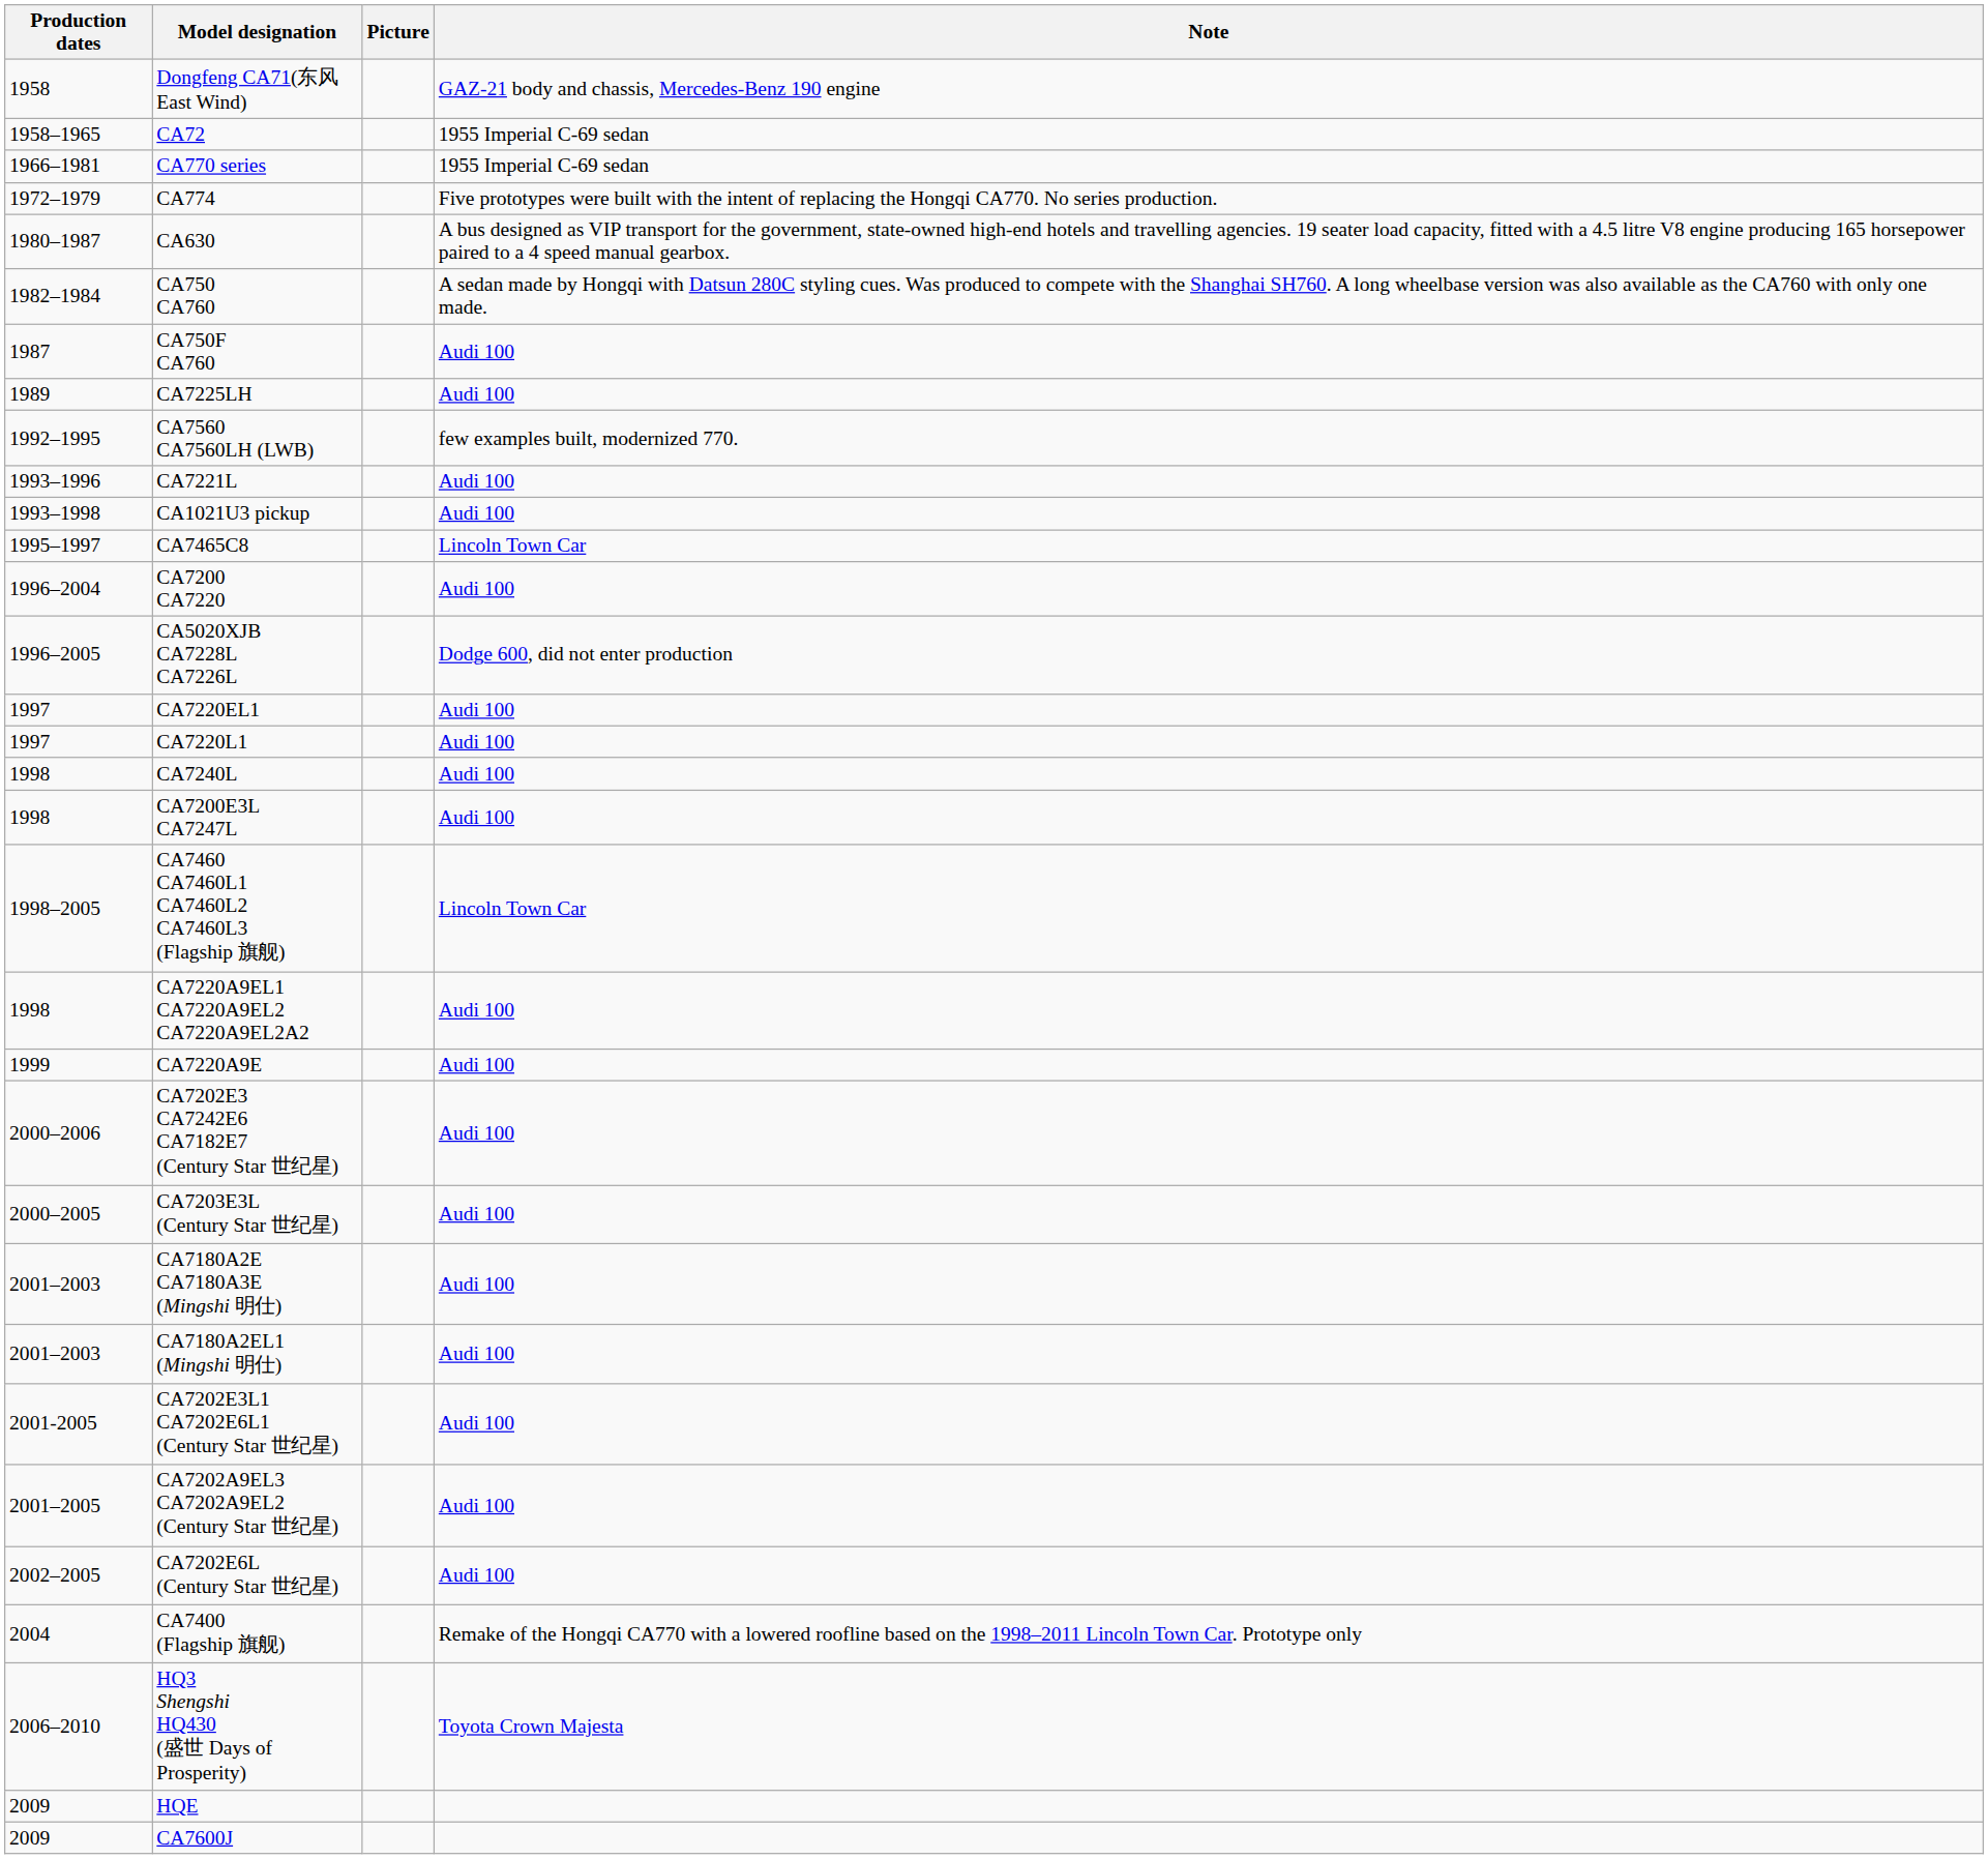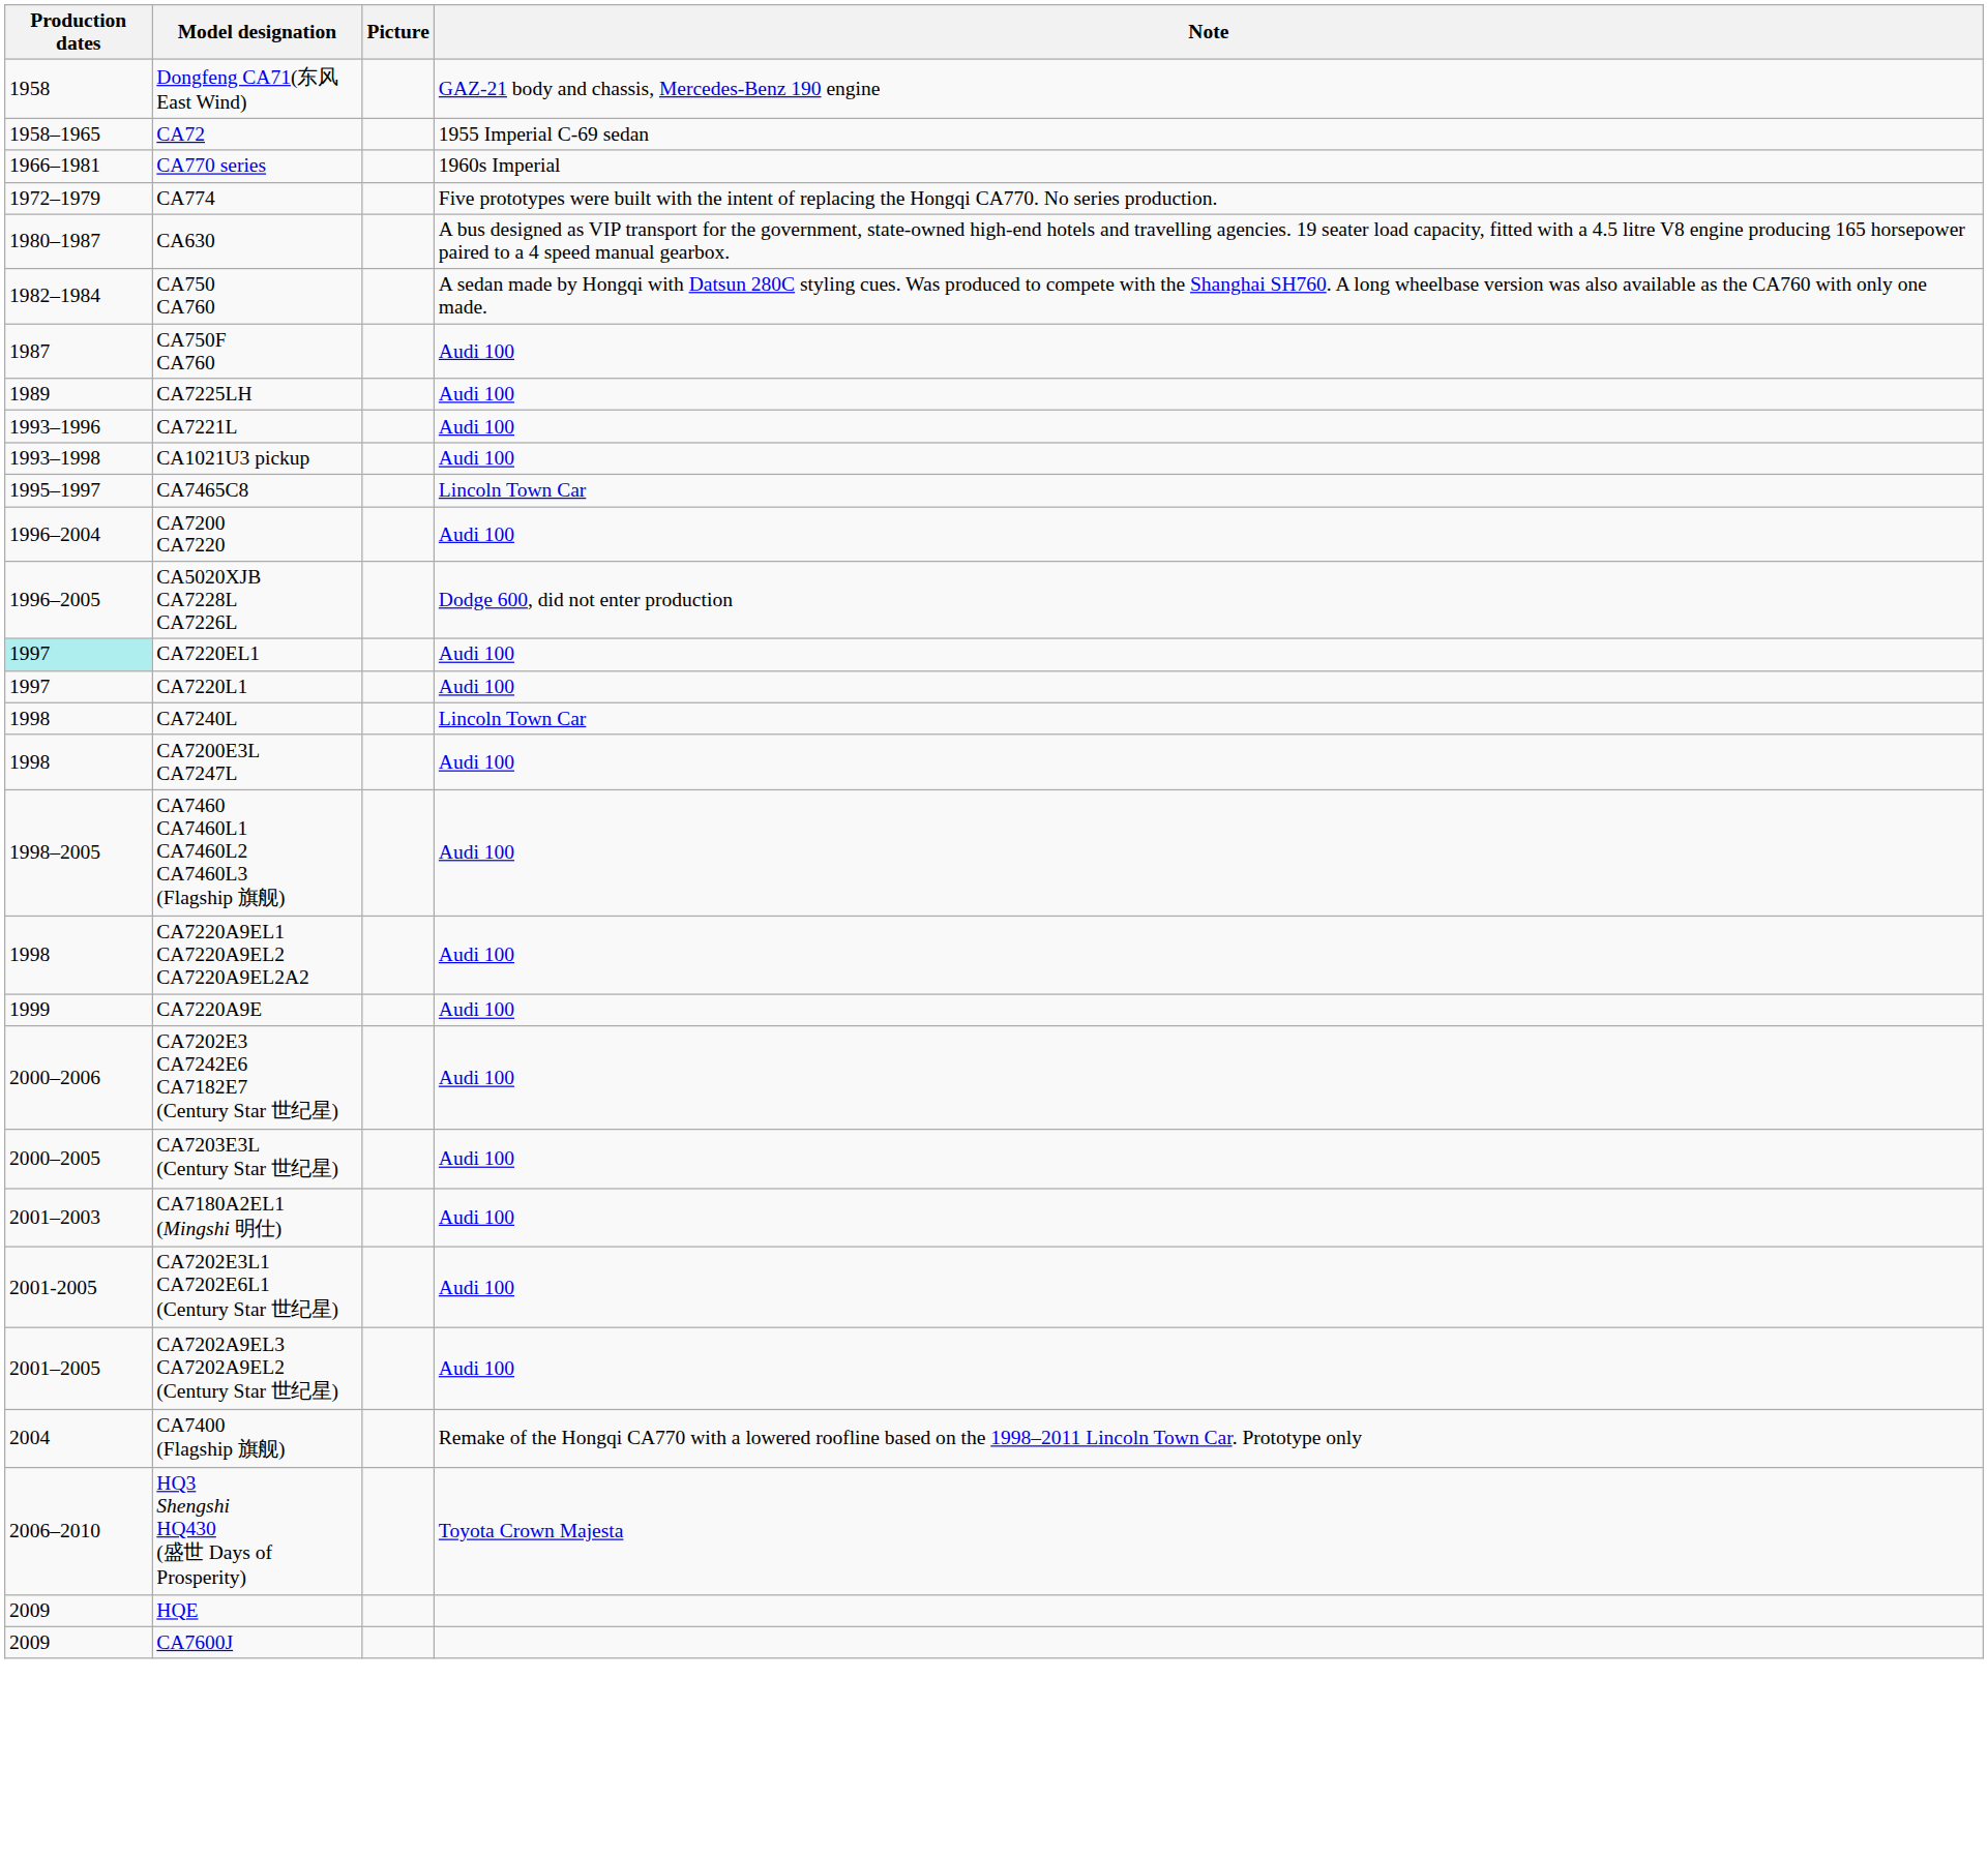 <table class="wikitable" border="1">
 <tr>
 <th>Production dates</th>
 <th>Model designation</th>
 <th>Picture</th>
 <th>Note</th>
 </tr>
 <tr>
 <td>1958</td>
 <td><a href='#'>Dongfeng CA71</a>(东风<br>East Wind)</td>
 <td></td>
 <td><a href='#'>GAZ-21</a> body and chassis, <a href='#'>Mercedes-Benz 190</a> engine</td>
 </tr>
 <tr>
 <td>1958–1965</td>
 <td><a href='#'>CA72</a></td>
 <td></td>
 <td>1955 Imperial C-69 sedan</td>
 </tr>
 <tr>
 <td>1966–1981</td>
 <td><a href='#'>CA770 series</a></td>
 <td></td>
-<td>1955 Imperial C-69 sedan</td>
+<td>1960s Imperial</td>
 </tr>
 <tr>
 <td>1972–1979</td>
 <td>CA774</td>
 <td></td>
 <td>Five prototypes were built with the intent of replacing the Hongqi CA770. No series production.</td>
 </tr>
 <tr>
 <td>1980–1987</td>
 <td>CA630</td>
 <td></td>
 <td>A bus designed as VIP transport for the government, state-owned high-end hotels and travelling agencies. 19 seater load capacity, fitted with a 4.5 litre V8 engine producing 165 horsepower paired to a 4 speed manual gearbox.</td>
 </tr>
 <tr>
 <td>1982–1984</td>
 <td>CA750<br>CA760</td>
 <td></td>
 <td>A sedan made by Hongqi with <a href='#'>Datsun 280C</a> styling cues. Was produced to compete with the <a href='#'>Shanghai SH760</a>. A long wheelbase version was also available as the CA760 with only one made.</td>
 </tr>
 <tr>
 <td>1987</td>
 <td>CA750F<br>CA760</td>
 <td></td>
 <td><a href='#'>Audi 100</a></td>
 </tr>
 <tr>
 <td>1989</td>
 <td>CA7225LH</td>
 <td></td>
 <td><a href='#'>Audi 100</a></td>
 </tr>
 <tr>
-<td>1992–1995</td>
-<td>CA7560<br>CA7560LH (LWB)</td>
-<td></td>
-<td>few examples built, modernized 770.</td>
-</tr>
-<tr>
 <td>1993–1996</td>
 <td>CA7221L</td>
 <td></td>
 <td><a href='#'>Audi 100</a></td>
 </tr>
 <tr>
 <td>1993–1998</td>
 <td>CA1021U3 pickup</td>
 <td></td>
 <td><a href='#'>Audi 100</a></td>
 </tr>
 <tr>
 <td>1995–1997</td>
 <td>CA7465C8</td>
 <td></td>
 <td><a href='#'>Lincoln Town Car</a></td>
 </tr>
 <tr>
 <td>1996–2004</td>
 <td>CA7200<br>CA7220</td>
 <td></td>
 <td><a href='#'>Audi 100</a></td>
 </tr>
 <tr>
 <td>1996–2005</td>
 <td>CA5020XJB<br>CA7228L<br>CA7226L</td>
 <td></td>
 <td><a href='#'>Dodge 600</a>, did not enter production</td>
 </tr>
 <tr>
-<td>1997</td>
+<td style="background: paleturquoise;">1997</td>
 <td>CA7220EL1</td>
 <td></td>
 <td><a href='#'>Audi 100</a></td>
 </tr>
 <tr>
 <td>1997</td>
 <td>CA7220L1</td>
 <td></td>
 <td><a href='#'>Audi 100</a></td>
 </tr>
 <tr>
 <td>1998</td>
 <td>CA7240L</td>
 <td></td>
-<td><a href='#'>Audi 100</a></td>
+<td><a href='#'>Lincoln Town Car</a></td>
 </tr>
 <tr>
 <td>1998</td>
 <td>CA7200E3L<br>CA7247L</td>
 <td></td>
 <td><a href='#'>Audi 100</a></td>
 </tr>
 <tr>
 <td>1998–2005</td>
 <td>CA7460<br>CA7460L1<br>CA7460L2<br>CA7460L3 <br>(Flagship 旗舰)</td>
 <td></td>
-<td><a href='#'>Lincoln Town Car</a></td>
+<td><a href='#'>Audi 100</a></td>
 </tr>
 <tr>
 <td>1998</td>
 <td>CA7220A9EL1<br>CA7220A9EL2<br>CA7220A9EL2A2</td>
 <td></td>
 <td><a href='#'>Audi 100</a></td>
 </tr>
 <tr>
 <td>1999</td>
 <td>CA7220A9E</td>
 <td></td>
 <td><a href='#'>Audi 100</a></td>
 </tr>
 <tr>
 <td>2000–2006</td>
 <td>CA7202E3<br>CA7242E6<br>CA7182E7 <br>(Century Star 世纪星)</td>
 <td></td>
 <td><a href='#'>Audi 100</a></td>
 </tr>
 <tr>
 <td>2000–2005</td>
 <td>CA7203E3L<br>(Century Star 世纪星)</td>
 <td></td>
 <td><a href='#'>Audi 100</a></td>
 </tr>
 <tr>
 <td>2001–2003</td>
-<td>CA7180A2E<br>CA7180A3E<br>(<em>Mingshi</em>  明仕)</td>
-<td><br></td>
-<td><a href='#'>Audi 100</a></td>
-</tr>
-<tr>
-<td>2001–2003</td>
 <td>CA7180A2EL1<br>(<em>Mingshi</em>  明仕)</td>
 <td></td>
 <td><a href='#'>Audi 100</a></td>
 </tr>
 <tr>
 <td>2001-2005</td>
 <td>CA7202E3L1<br>CA7202E6L1<br>(Century Star 世纪星)</td>
 <td></td>
 <td><a href='#'>Audi 100</a></td>
 </tr>
 <tr>
 <td>2001–2005</td>
 <td>CA7202A9EL3<br>CA7202A9EL2<br>(Century Star 世纪星)</td>
-<td></td>
-<td><a href='#'>Audi 100</a></td>
-</tr>
-<tr>
-<td>2002–2005</td>
-<td>CA7202E6L<br>(Century Star 世纪星)</td>
 <td></td>
 <td><a href='#'>Audi 100</a></td>
 </tr>
 <tr>
 <td>2004</td>
 <td>CA7400<br>(Flagship 旗舰)</td>
 <td></td>
 <td>Remake of the Hongqi CA770 with a lowered roofline based on the <a href='#'>1998–2011 Lincoln Town Car</a>. Prototype only</td>
 </tr>
 <tr>
 <td>2006–2010</td>
 <td><a href='#'>HQ3</a><br><em>Shengshi</em><br><a href='#'>HQ430</a><br>(盛世 Days of Prosperity)</td>
 <td></td>
 <td><a href='#'>Toyota Crown Majesta</a></td>
 </tr>
 <tr>
 <td>2009</td>
 <td><a href='#'>HQE</a></td>
 <td></td>
 <td></td>
 </tr>
 <tr>
 <td>2009</td>
 <td><a href='#'>CA7600J</a></td>
 <td></td>
 <td></td>
 </tr>
 </table>
